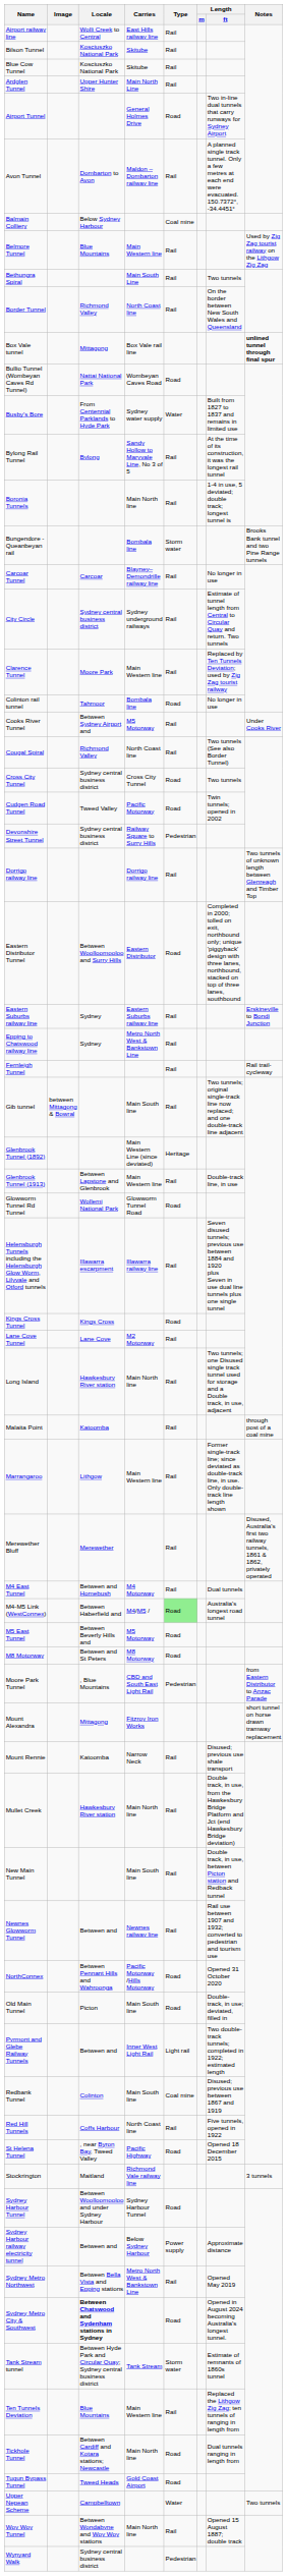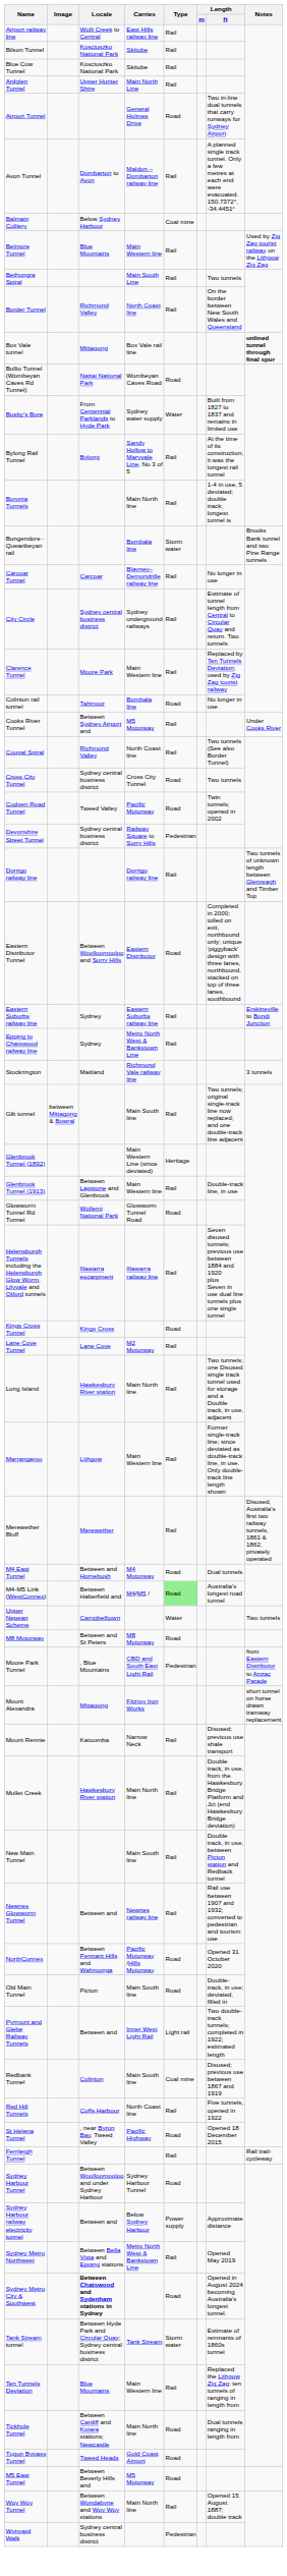 <table class="wikitable sortable">
 <tr>
 <th rowspan=2>Name</th>
 <th rowspan=2>Image</th>
 <th rowspan=2>Locale</th>
 <th rowspan=2>Carries</th>
 <th rowspan=2>Type</th>
 <th colspan=2>Length</th>
 <th rowspan=2>Notes</th>
 </tr>
 <tr>
 <th><a href='#'>m</a></th>
 <th><a href='#'>ft</a></th>
 </tr>
 <tr>
 <td><a href='#'>Airport railway line</a></td>
 <td></td>
 <td><a href='#'>Wolli Creek</a> to <a href='#'>Central</a></td>
 <td><a href='#'>East Hills railway line</a></td>
 <td>Rail</td>
 <td></td>
 <td></td>
 </tr>
 <tr>
 <td>Bilson Tunnel</td>
 <td></td>
 <td><a href='#'>Kosciuszko National Park</a></td>
 <td><a href='#'>Skitube</a></td>
 <td>Rail</td>
 <td></td>
 <td></td>
 </tr>
 <tr>
 <td>Blue Cow Tunnel</td>
 <td></td>
 <td>Kosciuszko National Park</td>
 <td>Skitube</td>
 <td>Rail</td>
 <td></td>
 <td></td>
 </tr>
 <tr>
 <td><a href='#'>Ardglen Tunnel</a></td>
 <td></td>
 <td><a href='#'>Upper Hunter Shire</a></td>
 <td><a href='#'>Main North Line</a></td>
 <td>Rail</td>
 <td></td>
 <td></td>
 </tr>
 <tr>
 <td><a href='#'>Airport Tunnel</a></td>
 <td></td>
 <td></td>
 <td><a href='#'>General Holmes Drive</a></td>
 <td>Road</td>
 <td></td>
 <td>Two in-line dual tunnels that carry runways for <a href='#'>Sydney Airport</a></td>
 </tr>
 <tr>
 <td>Avon Tunnel</td>
 <td></td>
 <td><a href='#'>Dombarton</a> to <a href='#'>Avon</a></td>
 <td><a href='#'>Maldon – Dombarton railway line</a></td>
 <td>Rail</td>
 <td></td>
 <td>A planned single track tunnel.  Only a few metres at each end were evacuated.  150.7372°, -34.4451°  </td>
 </tr>
 <tr>
 <td><a href='#'>Balmain Colliery</a></td>
 <td></td>
 <td>Below <a href='#'>Sydney Harbour</a></td>
 <td></td>
 <td>Coal mine</td>
 <td></td>
 <td></td>
 <td></td>
 </tr>
 <tr>
 <td><a href='#'>Belmore Tunnel</a></td>
 <td></td>
 <td><a href='#'>Blue Mountains</a></td>
 <td><a href='#'>Main Western line</a></td>
 <td>Rail</td>
 <td></td>
 <td></td>
 <td>Used by <a href='#'>Zig Zag tourist railway</a> on the <a href='#'>Lithgow Zig Zag</a></td>
 </tr>
 <tr>
 <td><a href='#'>Bethungra Spiral</a></td>
 <td></td>
 <td></td>
 <td><a href='#'>Main South Line</a></td>
 <td>Rail</td>
 <td></td>
 <td>Two tunnels</td>
 </tr>
 <tr>
 <td><a href='#'>Border Tunnel</a></td>
 <td></td>
 <td><a href='#'>Richmond Valley</a></td>
 <td><a href='#'>North Coast line</a></td>
 <td>Rail</td>
 <td></td>
 <td>On the border between New South Wales and <a href='#'>Queensland</a></td>
 </tr>
 <tr>
 <td>Box Vale tunnel</td>
 <td></td>
 <td><a href='#'>Mittagong</a></td>
 <td>Box Vale rail line</td>
 <td></td>
 <td></td>
 <td></td>
 <td><strong>unlined tunnel through final spur</strong></td>
 </tr>
 <tr>
 <td>Bullio Tunnel (Wombeyan Caves Rd Tunnel)</td>
 <td></td>
 <td><a href='#'>Nattai National Park</a></td>
 <td>Wombeyan Caves Road</td>
 <td>Road</td>
 <td></td>
 <td></td>
 </tr>
 <tr>
 <td><a href='#'>Busby's Bore</a></td>
 <td></td>
 <td>From <a href='#'>Centennial Parklands</a> to <a href='#'>Hyde Park</a></td>
 <td>Sydney water supply</td>
 <td>Water</td>
 <td></td>
 <td>Built from 1827 to 1837 and remains in limited use</td>
 </tr>
 <tr>
 <td>Bylong Rail Tunnel</td>
 <td></td>
 <td><a href='#'>Bylong</a></td>
 <td><a href='#'>Sandy Hollow to Maryvale Line</a>, No 3 of 5</td>
 <td>Rail</td>
 <td></td>
 <td>At the time of its construction, it was the longest rail tunnel</td>
 </tr>
 <tr>
 <td><a href='#'>Boronia Tunnels</a></td>
 <td></td>
 <td></td>
 <td>Main North line</td>
 <td>Rail</td>
 <td></td>
 <td>1-4 in use, 5 deviated; double track; longest tunnel is </td>
 </tr>
 <tr>
 <td>Bungendore - Queanbeyan rail</td>
 <td></td>
 <td></td>
 <td><a href='#'>Bombala line</a></td>
 <td>Storm water</td>
 <td></td>
 <td></td>
 <td>Brooks Bank tunnel and two Pine Range tunnels</td>
 </tr>
 <tr>
 <td><a href='#'>Carcoar Tunnel</a></td>
 <td></td>
 <td><a href='#'>Carcoar</a></td>
 <td><a href='#'>Blayney–Demondrille railway line</a></td>
 <td>Rail</td>
 <td></td>
 <td>No longer in use</td>
 </tr>
 <tr>
 <td><a href='#'>City Circle</a></td>
 <td></td>
 <td><a href='#'>Sydney central business district</a></td>
 <td>Sydney underground railways</td>
 <td>Rail</td>
 <td></td>
 <td>Estimate of tunnel length from <a href='#'>Central</a> to <a href='#'>Circular Quay</a> and return. Two tunnels</td>
 </tr>
 <tr>
 <td><a href='#'>Clarence Tunnel</a></td>
 <td></td>
 <td><a href='#'>Moore Park</a></td>
 <td>Main Western line</td>
 <td>Rail</td>
 <td></td>
 <td>Replaced by <a href='#'>Ten Tunnels Deviation</a>; used by <a href='#'>Zig Zag tourist railway</a></td>
 </tr>
 <tr>
 <td>Colinton rail tunnel</td>
 <td></td>
 <td><a href='#'>Tahmoor</a></td>
 <td><a href='#'>Bombala line</a></td>
 <td>Road</td>
 <td></td>
 <td>No longer in use</td>
 </tr>
 <tr>
 <td>Cooks River Tunnel</td>
 <td></td>
 <td>Between <a href='#'>Sydney Airport</a> and </td>
 <td><a href='#'>M5 Motorway</a> </td>
 <td>Rail</td>
 <td></td>
 <td></td>
 <td>Under <a href='#'>Cooks River</a></td>
 </tr>
 <tr>
 <td><a href='#'>Cougal Spiral</a></td>
 <td></td>
 <td><a href='#'>Richmond Valley</a></td>
 <td>North Coast line</td>
 <td>Rail</td>
 <td></td>
 <td>Two tunnels (See also Border Tunnel)</td>
 </tr>
 <tr>
 <td><a href='#'>Cross City Tunnel</a></td>
 <td></td>
 <td>Sydney central business district</td>
 <td>Cross City Tunnel</td>
 <td>Road</td>
 <td></td>
 <td>Two tunnels</td>
 </tr>
 <tr>
 <td><a href='#'>Cudgen Road Tunnel</a></td>
 <td></td>
 <td>Tweed Valley</td>
 <td><a href='#'>Pacific Motorway</a> </td>
 <td>Road</td>
 <td></td>
 <td>Twin tunnels; opened in 2002</td>
 </tr>
 <tr>
 <td><a href='#'>Devonshire Street Tunnel</a></td>
 <td></td>
 <td>Sydney central business district</td>
 <td><a href='#'>Railway Square</a> to <a href='#'>Surry Hills</a></td>
 <td>Pedestrian</td>
 <td></td>
 <td></td>
 </tr>
 <tr>
 <td><a href='#'>Dorrigo railway line</a></td>
 <td></td>
 <td></td>
 <td><a href='#'>Dorrigo railway line</a></td>
 <td>Rail</td>
 <td></td>
 <td></td>
 <td>Two tunnels of unknown length between <a href='#'>Glenreagh</a> and Timber Top</td>
 </tr>
 <tr>
 <td>Eastern Distributor Tunnel</td>
 <td></td>
 <td>Between <a href='#'>Woolloomooloo</a> and <a href='#'>Surry Hills</a></td>
 <td><a href='#'>Eastern Distributor</a> </td>
 <td>Road</td>
 <td></td>
 <td>Completed in 2000; tolled on exit, northbound only; unique 'piggyback' design with three lanes, northbound, stacked on top of three lanes, southbound</td>
 </tr>
 <tr>
 <td><a href='#'>Eastern Suburbs railway line</a></td>
 <td></td>
 <td>Sydney</td>
 <td><a href='#'>Eastern Suburbs railway line</a></td>
 <td>Rail</td>
 <td></td>
 <td></td>
 <td><a href='#'>Erskineville</a> to <a href='#'>Bondi Junction</a></td>
 </tr>
 <tr>
 <td><a href='#'>Epping to Chatswood railway line</a></td>
 <td></td>
 <td>Sydney</td>
 <td><a href='#'>Metro North West & Bankstown Line</a></td>
 <td>Rail</td>
 <td></td>
 <td></td>
 </tr>
 <tr>
-<td><a href='#'>Fernleigh Tunnel</a></td>
+<td>Stockrington</td>
+<td></td>
+<td>Maitland</td>
+<td><a href='#'>Richmond Vale railway line</a></td>
 <td></td>
 <td></td>
 <td></td>
-<td>Rail</td>
-<td></td>
-<td></td>
-<td>Rail trail-cycleway</td>
+<td>3 tunnels</td>
 </tr>
 <tr>
 <td>Gib tunnel</td>
 <td>between <a href='#'>Mittagong</a> & <a href='#'>Bowral</a></td>
 <td></td>
 <td>Main South line</td>
 <td>Rail</td>
 <td></td>
 <td>Two tunnels; original single-track line now replaced; and one double-track line adjacent</td>
 </tr>
 <tr>
 <td><a href='#'>Glenbrook Tunnel (1892)</a></td>
 <td></td>
 <td></td>
 <td>Main Western Line (since deviated)</td>
 <td>Heritage</td>
 <td></td>
 <td></td>
 </tr>
 <tr>
 <td><a href='#'>Glenbrook Tunnel (1913)</a></td>
 <td></td>
 <td>Between <a href='#'>Lapstone</a> and Glenbrook</td>
 <td>Main Western line</td>
 <td>Rail</td>
 <td></td>
 <td>Double-track line, in use</td>
 </tr>
 <tr>
 <td>Glowworm Tunnel Rd Tunnel</td>
 <td></td>
 <td><a href='#'>Wollemi National Park</a></td>
 <td>Glowworm Tunnel Road</td>
 <td>Road</td>
 <td></td>
 <td></td>
 </tr>
 <tr>
 <td><a href='#'>Helensburgh Tunnels</a> including the<br><a href='#'>Helensburgh Glow Worm</a>, <a href='#'>Lilyvale</a> and <a href='#'>Otford</a> tunnels</td>
 <td></td>
 <td><a href='#'>Illawarra escarpment</a></td>
 <td><a href='#'>Illawarra railway line</a></td>
 <td>Rail</td>
 <td></td>
 <td>Seven disused tunnels; previous use between 1884 and 1920<br>plus<br>Seven in use dual line tunnels plus one single tunnel</td>
 </tr>
 <tr>
 <td><a href='#'>Kings Cross Tunnel</a></td>
 <td></td>
 <td><a href='#'>Kings Cross</a></td>
 <td></td>
 <td>Road</td>
 <td></td>
 <td></td>
 </tr>
 <tr>
 <td><a href='#'>Lane Cove Tunnel</a></td>
 <td></td>
 <td><a href='#'>Lane Cove</a></td>
 <td><a href='#'>M2 Motorway</a> </td>
 <td>Rail</td>
 <td></td>
 <td></td>
 </tr>
 <tr>
 <td>Long Island</td>
 <td></td>
 <td><a href='#'>Hawkesbury River station</a></td>
 <td>Main North line</td>
 <td>Rail</td>
 <td></td>
 <td>Two tunnels; one Disused single track tunnel used for storage and a Double track, in use, adjacent</td>
 </tr>
 <tr>
-<td>Malaita Point</td>
-<td></td>
-<td><a href='#'>Katoomba</a></td>
-<td></td>
-<td>Rail</td>
-<td></td>
-<td></td>
-<td>through post of a coal mine</td>
-</tr>
-<tr>
 <td><a href='#'>Marrangaroo</a></td>
 <td></td>
 <td><a href='#'>Lithgow</a></td>
 <td>Main Western line</td>
 <td>Rail</td>
 <td></td>
 <td>Former single-track line; since deviated as double-track line, in use. Only double-track line length shown</td>
 </tr>
 <tr>
 <td>Merewether Bluff</td>
 <td></td>
 <td><a href='#'>Merewether</a></td>
 <td></td>
 <td>Rail</td>
 <td></td>
 <td></td>
 <td>Disused, Australia's first two railway tunnels, 1861 & 1862, privately operated</td>
 </tr>
 <tr>
 <td><a href='#'>M4 East Tunnel</a></td>
 <td></td>
 <td>Between  and <a href='#'>Homebush</a></td>
 <td><a href='#'>M4 Motorway</a> </td>
-<td>Rail</td>
+<td>Road</td>
 <td></td>
 <td>Dual tunnels</td>
 </tr>
 <tr>
 <td>M4-M5 Link (<a href='#'>WestConnex</a>)</td>
 <td></td>
 <td>Between Haberfield and </td>
 <td><a href='#'>M4</a>/<a href='#'>M5</a>  /</td>
 <td style="background: lightgreen;">Road</td>
 <td></td>
 <td>Australia's longest road tunnel</td>
 </tr>
 <tr>
-<td><a href='#'>M5 East Tunnel</a></td>
+<td><a href='#'>Upper Nepean Scheme</a></td>
 <td></td>
-<td>Between Beverly Hills and </td>
-<td><a href='#'>M5 Motorway</a> </td>
-<td>Road</td>
+<td><a href='#'>Campbelltown</a></td>
+<td></td>
+<td>Water</td>
 <td></td>
 <td></td>
-<td></td>
+<td>Two tunnels</td>
 </tr>
 <tr>
 <td><a href='#'>M8 Motorway</a></td>
 <td></td>
 <td>Between  and St Peters</td>
 <td><a href='#'>M8 Motorway</a> </td>
 <td>Road</td>
 <td></td>
 <td></td>
 </tr>
 <tr>
 <td>Moore Park Tunnel</td>
 <td></td>
 <td>, Blue Mountains</td>
 <td><a href='#'>CBD and South East Light Rail</a></td>
 <td>Pedestrian</td>
 <td></td>
 <td></td>
 <td>from <a href='#'>Eastern Distributor</a> to <a href='#'>Anzac Parade</a></td>
 </tr>
 <tr>
 <td>Mount Alexandra</td>
 <td></td>
 <td><a href='#'>Mittagong</a></td>
 <td><a href='#'>Fitzroy Iron Works</a></td>
 <td></td>
 <td></td>
 <td></td>
 <td>short tunnel on horse drawn tramway replacement</td>
 </tr>
 <tr>
 <td>Mount Rennie</td>
 <td></td>
 <td>Katoomba</td>
 <td>Narrow Neck</td>
 <td>Rail</td>
 <td></td>
 <td>Disused; previous use shale transport</td>
 </tr>
 <tr>
 <td>Mullet Creek</td>
 <td></td>
 <td><a href='#'>Hawkesbury River station</a></td>
 <td>Main North line</td>
 <td>Rail</td>
 <td></td>
 <td>Double track, in use, from the Hawkesbury Bridge Platform and Jct (end Hawkesbury Bridge deviation)</td>
 </tr>
 <tr>
 <td>New Main Tunnel</td>
 <td></td>
 <td></td>
 <td>Main South line</td>
 <td>Rail</td>
 <td></td>
 <td>Double track, in use, between <a href='#'>Picton station</a> and Redback tunnel</td>
 </tr>
 <tr>
 <td><a href='#'>Newnes Glowworm Tunnel</a></td>
 <td></td>
 <td>Between  and </td>
 <td><a href='#'>Newnes railway line</a></td>
 <td>Rail</td>
 <td></td>
 <td>Rail use between 1907 and 1932; converted to pedestrian and tourism use</td>
 </tr>
 <tr>
 <td><a href='#'>NorthConnex</a></td>
 <td></td>
 <td>Between <a href='#'>Pennant Hills</a> and <a href='#'>Wahroonga</a></td>
 <td><a href='#'>Pacific Motorway</a> /<a href='#'>Hills Motorway</a></td>
 <td>Road</td>
 <td></td>
 <td>Opened 31 October 2020</td>
 </tr>
 <tr>
 <td>Old Main Tunnel</td>
 <td></td>
 <td>Picton</td>
 <td>Main South line</td>
 <td>Road</td>
 <td></td>
 <td>Double-track, in use; deviated, filled in</td>
 </tr>
 <tr>
 <td><a href='#'>Pyrmont and Glebe Railway Tunnels</a></td>
 <td></td>
 <td>Between  and </td>
 <td><a href='#'>Inner West Light Rail</a></td>
 <td>Light rail</td>
 <td></td>
 <td>Two double-track tunnels; completed in 1922; estimated length</td>
 </tr>
 <tr>
 <td>Redbank Tunnel</td>
 <td></td>
 <td><a href='#'>Colinton</a></td>
 <td>Main South line</td>
 <td>Coal mine</td>
 <td></td>
 <td>Disused; previous use between 1867 and 1919</td>
 </tr>
 <tr>
 <td><a href='#'>Red Hill Tunnels</a></td>
 <td></td>
 <td><a href='#'>Coffs Harbour</a></td>
 <td>North Coast line</td>
 <td>Rail</td>
 <td></td>
 <td>Five tunnels, opened in 1922</td>
 </tr>
 <tr>
 <td><a href='#'>St Helena Tunnel</a></td>
 <td></td>
 <td>, near <a href='#'>Byron Bay</a>, Tweed Valley</td>
 <td><a href='#'>Pacific Highway</a></td>
 <td>Road</td>
 <td></td>
 <td>Opened 18 December 2015</td>
 </tr>
 <tr>
-<td>Stockrington</td>
-<td></td>
-<td>Maitland</td>
-<td><a href='#'>Richmond Vale railway line</a></td>
+<td><a href='#'>Fernleigh Tunnel</a></td>
 <td></td>
 <td></td>
 <td></td>
-<td>3 tunnels</td>
+<td>Rail</td>
+<td></td>
+<td></td>
+<td>Rail trail-cycleway</td>
 </tr>
 <tr>
 <td><a href='#'>Sydney Harbour Tunnel</a></td>
 <td></td>
 <td>Between <a href='#'>Woolloomooloo</a> and  under Sydney Harbour</td>
 <td>Sydney Harbour Tunnel </td>
 <td>Road</td>
 <td></td>
 <td></td>
 </tr>
 <tr>
 <td><a href='#'>Sydney Harbour railway electricity tunnel</a></td>
 <td></td>
 <td>Between  and </td>
 <td>Below <a href='#'>Sydney Harbour</a></td>
 <td>Power supply</td>
 <td></td>
 <td>Approximate distance</td>
 </tr>
 <tr>
 <td><a href='#'>Sydney Metro Northwest</a></td>
 <td></td>
 <td>Between <a href='#'>Bella Vista</a> and <a href='#'>Epping</a> stations</td>
 <td><a href='#'>Metro North West & Bankstown Line</a></td>
 <td>Rail</td>
 <td></td>
 <td>Opened May 2019</td>
 </tr>
 <tr>
 <td><a href='#'>Sydney Metro City & Southwest</a></td>
 <td></td>
 <td><strong>Between <a href='#'>Chatswood</a> and <a href='#'>Sydenham</a> stations in Sydney</strong></td>
 <td></td>
 <td>Road</td>
 <td></td>
 <td>Opened in August 2024 becoming Australia's longest tunnel.</td>
 </tr>
 <tr>
 <td><a href='#'>Tank Stream</a> tunnel</td>
 <td></td>
 <td>Between Hyde Park and <a href='#'>Circular Quay</a>;<br>Sydney central business district</td>
 <td><a href='#'>Tank Stream</a></td>
 <td>Storm water</td>
 <td></td>
 <td>Estimate of remnants of 1860s tunnel</td>
 </tr>
 <tr>
 <td><a href='#'>Ten Tunnels Deviation</a></td>
 <td></td>
 <td><a href='#'>Blue Mountains</a></td>
 <td>Main Western line</td>
 <td>Rail</td>
 <td></td>
 <td>Replaced the <a href='#'>Lithgow Zig Zag</a>; ten tunnels of ranging in length from </td>
 </tr>
 <tr>
 <td><a href='#'>Tickhole Tunnel</a></td>
 <td></td>
 <td>Between <a href='#'>Cardiff</a> and <a href='#'>Kotara</a> stations;<br><a href='#'>Newcastle</a></td>
 <td>Main North line</td>
 <td>Road</td>
 <td></td>
 <td>Dual tunnels ranging in length from </td>
 </tr>
 <tr>
 <td><a href='#'>Tugun Bypass Tunnel</a></td>
 <td></td>
 <td><a href='#'>Tweed Heads</a></td>
 <td><a href='#'>Gold Coast Airport</a></td>
 <td>Road</td>
 <td></td>
 <td></td>
 </tr>
 <tr>
-<td><a href='#'>Upper Nepean Scheme</a></td>
+<td><a href='#'>M5 East Tunnel</a></td>
 <td></td>
-<td><a href='#'>Campbelltown</a></td>
-<td></td>
-<td>Water</td>
+<td>Between Beverly Hills and </td>
+<td><a href='#'>M5 Motorway</a> </td>
+<td>Road</td>
 <td></td>
 <td></td>
-<td>Two tunnels</td>
+<td></td>
 </tr>
 <tr>
 <td><a href='#'>Woy Woy Tunnel</a></td>
 <td></td>
 <td>Between <a href='#'>Wondabyne</a> and <a href='#'>Woy Woy</a> stations</td>
 <td>Main North line</td>
 <td>Rail</td>
 <td></td>
 <td>Opened 15 August 1887; double track </td>
 </tr>
 <tr>
 <td><a href='#'>Wynyard Walk</a></td>
 <td></td>
 <td>Sydney central business district</td>
 <td></td>
 <td>Pedestrian</td>
 <td></td>
 <td></td>
 </tr>
 </table>
